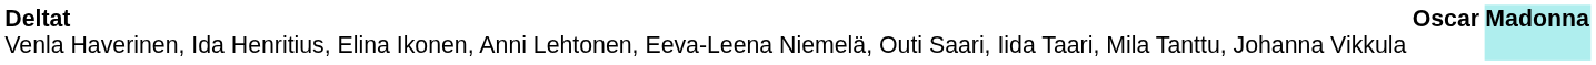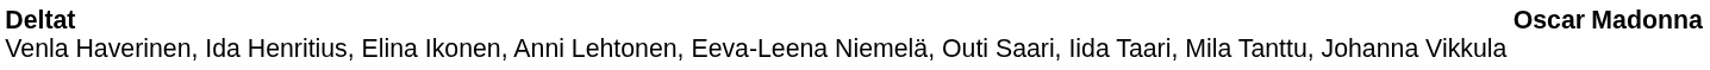 <table>
 <tr bgcolor="#DFDFDF">
 </tr>
 <tr>
 <th scope=row style="text-align:left"> </th>
 <td valign="top"><strong>Deltat</strong> <br>Venla Haverinen, Ida Henritius, Elina Ikonen, Anni Lehtonen, Eeva-Leena Niemelä, Outi Saari, Iida Taari, Mila Tanttu, Johanna Vikkula</td>
 <td valign="top"><strong>Oscar</strong> </td>
-<td valign="top" style="background: paleturquoise;"><strong>Madonna</strong> </td>
+<td valign="top"><strong>Madonna</strong> </td>
 </tr>
 <tr>
 </tr>
 </table>
